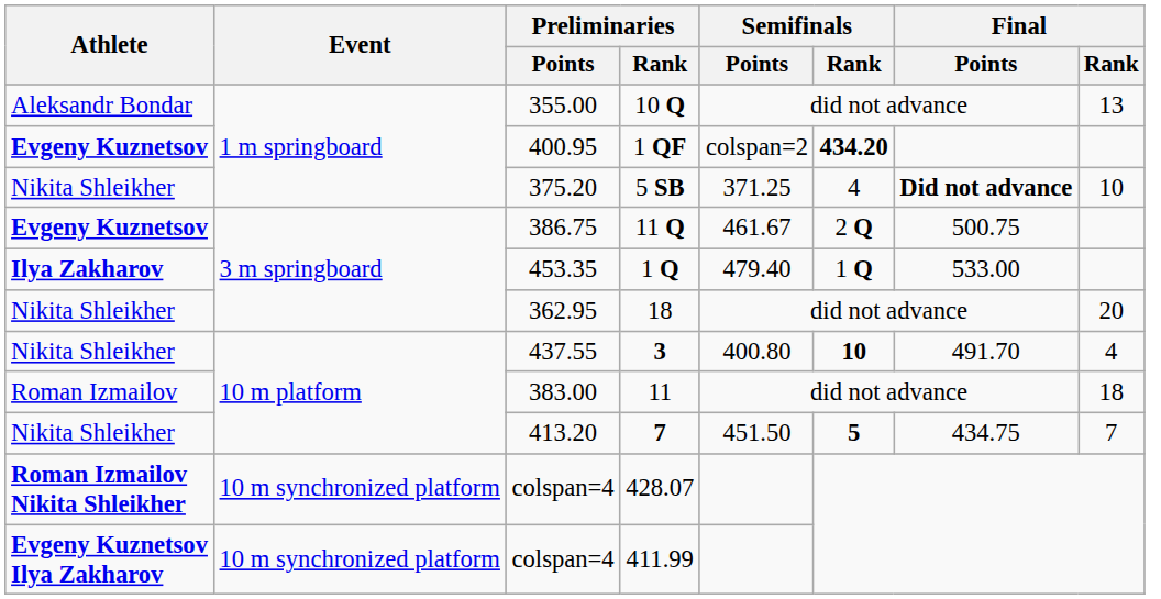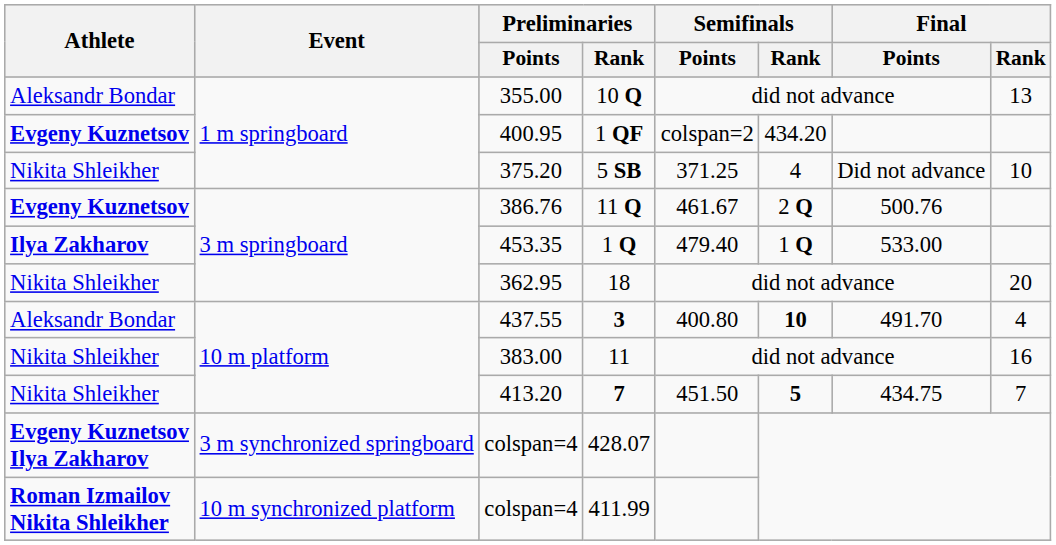 <table class="wikitable" style="text-align:center; font-size:90%">
 <tr>
 <th rowspan=2>Athlete</th>
 <th rowspan=2>Event</th>
 <th colspan=2>Preliminaries</th>
 <th colspan=2>Semifinals</th>
 <th colspan=2>Final</th>
 </tr>
 <tr style="font-size:95%">
 <th>Points</th>
 <th>Rank</th>
 <th>Points</th>
 <th>Rank</th>
 <th>Points</th>
 <th>Rank</th>
 </tr>
 <tr>
 <td align=left><a href='#'>Aleksandr Bondar</a></td>
 <td align=left rowspan=3><a href='#'>1 m springboard</a></td>
 <td>355.00</td>
 <td>10 <strong>Q</strong></td>
 <td colspan=3>did not advance</td>
 <td>13</td>
 </tr>
 <tr>
 <td align=left><strong><a href='#'>Evgeny Kuznetsov</a></strong></td>
 <td>400.95</td>
 <td>1 <strong>QF</strong></td>
 <td>colspan=2</td>
-<td><strong>434.20</strong></td>
+<td>434.20</td>
 <td></td>
 </tr>
 <tr>
 <td align=left><a href='#'>Nikita Shleikher</a></td>
 <td>375.20</td>
 <td>5 <strong>SB</strong></td>
 <td>371.25</td>
 <td>4</td>
-<td><strong>Did not advance</strong></td>
+<td>Did not advance</td>
 <td>10</td>
 </tr>
 <tr>
 <td align=left><strong><a href='#'>Evgeny Kuznetsov</a></strong></td>
 <td align=left rowspan=3><a href='#'>3 m springboard</a></td>
-<td>386.75</td>
+<td>386.76</td>
 <td>11 <strong>Q</strong></td>
 <td>461.67</td>
 <td>2 <strong>Q</strong></td>
-<td>500.75</td>
+<td>500.76</td>
 <td></td>
 </tr>
 <tr>
 <td align=left><strong><a href='#'>Ilya Zakharov</a></strong></td>
 <td>453.35</td>
 <td>1 <strong>Q</strong></td>
 <td>479.40</td>
 <td>1 <strong>Q</strong></td>
 <td>533.00</td>
 <td></td>
 </tr>
 <tr>
 <td align=left><a href='#'>Nikita Shleikher</a></td>
 <td>362.95</td>
 <td>18</td>
 <td colspan=3>did not advance</td>
 <td>20</td>
 </tr>
 <tr>
-<td align=left><a href='#'>Nikita Shleikher</a></td>
+<td align=left><a href='#'>Aleksandr Bondar</a></td>
 <td align=left rowspan=3><a href='#'>10 m platform</a></td>
 <td>437.55</td>
 <td><strong>3</strong></td>
 <td>400.80</td>
 <td><strong>10</strong></td>
 <td>491.70</td>
 <td>4</td>
 </tr>
 <tr>
-<td align=left><a href='#'>Roman Izmailov</a></td>
+<td align=left><a href='#'>Nikita Shleikher</a></td>
 <td>383.00</td>
 <td>11</td>
 <td colspan=3>did not advance</td>
-<td>18</td>
+<td>16</td>
 </tr>
 <tr>
 <td align=left><a href='#'>Nikita Shleikher</a></td>
 <td>413.20</td>
 <td><strong>7</strong></td>
 <td>451.50</td>
 <td><strong>5</strong></td>
 <td>434.75</td>
 <td>7</td>
 </tr>
 <tr>
-<td align=left><strong><a href='#'>Roman Izmailov</a><br><a href='#'>Nikita Shleikher</a></strong></td>
-<td align=left><a href='#'>10 m synchronized platform</a></td>
+<td align=left><strong><a href='#'>Evgeny Kuznetsov</a><br><a href='#'>Ilya Zakharov</a></strong></td>
+<td align=left><a href='#'>3 m synchronized springboard</a></td>
 <td>colspan=4 </td>
 <td>428.07</td>
 <td></td>
 </tr>
 <tr>
-<td align=left><strong><a href='#'>Evgeny Kuznetsov</a><br><a href='#'>Ilya Zakharov</a></strong></td>
+<td align=left><strong><a href='#'>Roman Izmailov</a><br><a href='#'>Nikita Shleikher</a></strong></td>
 <td align=left><a href='#'>10 m synchronized platform</a></td>
 <td>colspan=4 </td>
 <td>411.99</td>
 <td></td>
 </tr>
 </table>
